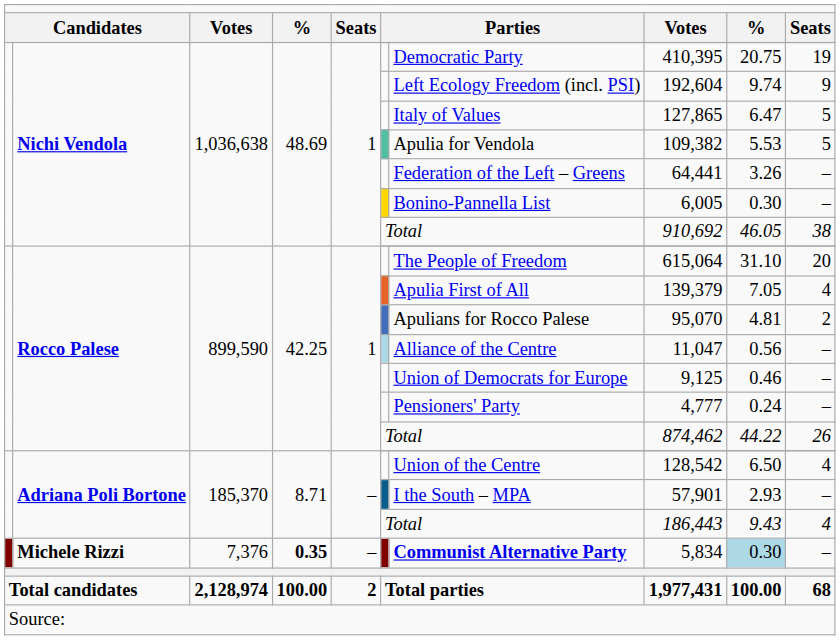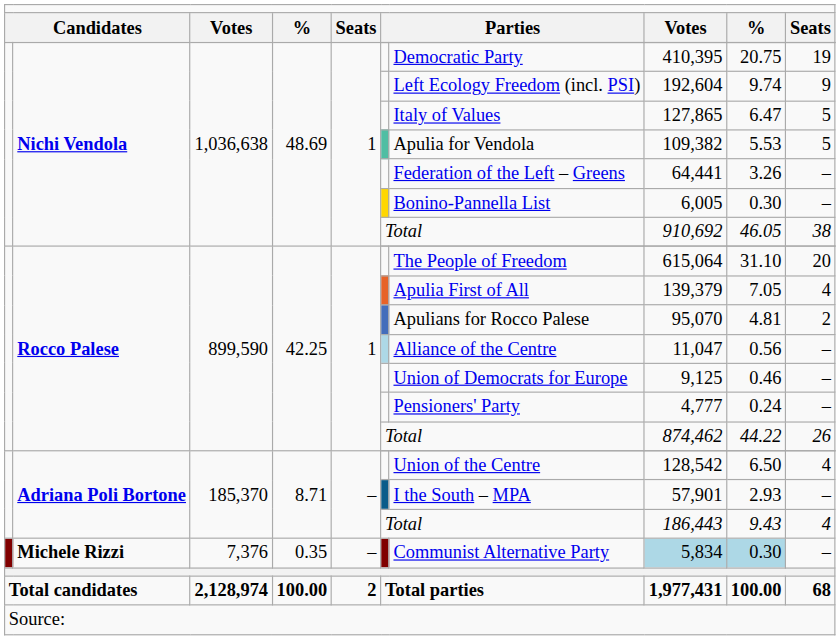 <table class="wikitable">
 <tr>
 <td colspan=10></td>
 </tr>
 <tr>
 <th colspan=2>Candidates</th>
 <th>Votes</th>
 <th>%</th>
 <th>Seats</th>
 <th colspan=2>Parties</th>
 <th>Votes</th>
 <th>%</th>
 <th>Seats</th>
 </tr>
 <tr>
 <td rowspan=8></td>
 <td rowspan=8><strong><a href='#'>Nichi Vendola</a></strong></td>
 <td rowspan=8 align=right>1,036,638</td>
 <td rowspan=8 align=right>48.69</td>
 <td rowspan=8 align=right>1</td>
 </tr>
 <tr>
 <td></td>
 <td><a href='#'>Democratic Party</a></td>
 <td align=right>410,395</td>
 <td align=right>20.75</td>
 <td align=right>19</td>
 </tr>
 <tr>
 <td></td>
 <td><a href='#'>Left Ecology Freedom</a> (incl. <a href='#'>PSI</a>)</td>
 <td align=right>192,604</td>
 <td align=right>9.74</td>
 <td align=right>9</td>
 </tr>
 <tr>
 <td></td>
 <td><a href='#'>Italy of Values</a></td>
 <td align=right>127,865</td>
 <td align=right>6.47</td>
 <td align=right>5</td>
 </tr>
 <tr>
 <td bgcolor="#50BEA3"></td>
 <td>Apulia for Vendola</td>
 <td align=right>109,382</td>
 <td align=right>5.53</td>
 <td align=right>5</td>
 </tr>
 <tr>
 <td></td>
 <td><a href='#'>Federation of the Left</a> – <a href='#'>Greens</a></td>
 <td align=right>64,441</td>
 <td align=right>3.26</td>
 <td align=right>–</td>
 </tr>
 <tr>
 <td bgcolor="gold"></td>
 <td><a href='#'>Bonino-Pannella List</a></td>
 <td align=right>6,005</td>
 <td align=right>0.30</td>
 <td align=right>–</td>
 </tr>
 <tr>
 <td colspan=2><em>Total</em></td>
 <td align=right><em>910,692</em></td>
 <td align=right><em>46.05</em></td>
 <td align=right><em>38</em></td>
 </tr>
 <tr>
 <td rowspan=8></td>
 <td rowspan=8><strong><a href='#'>Rocco Palese</a></strong></td>
 <td rowspan=8 align=right>899,590</td>
 <td rowspan=8 align=right>42.25</td>
 <td rowspan=8 align=right>1</td>
 </tr>
 <tr>
 <td></td>
 <td><a href='#'>The People of Freedom</a></td>
 <td align=right>615,064</td>
 <td align=right>31.10</td>
 <td align=right>20</td>
 </tr>
 <tr>
 <td bgcolor="#E76227"></td>
 <td><a href='#'>Apulia First of All</a></td>
 <td align=right>139,379</td>
 <td align=right>7.05</td>
 <td align=right>4</td>
 </tr>
 <tr>
 <td bgcolor="#436DBB"></td>
 <td>Apulians for Rocco Palese</td>
 <td align=right>95,070</td>
 <td align=right>4.81</td>
 <td align=right>2</td>
 </tr>
 <tr>
 <td bgcolor="lightblue"></td>
 <td><a href='#'>Alliance of the Centre</a></td>
 <td align=right>11,047</td>
 <td align=right>0.56</td>
 <td align=right>–</td>
 </tr>
 <tr>
 <td></td>
 <td><a href='#'>Union of Democrats for Europe</a></td>
 <td align=right>9,125</td>
 <td align=right>0.46</td>
 <td align=right>–</td>
 </tr>
 <tr>
 <td></td>
 <td><a href='#'>Pensioners' Party</a></td>
 <td align=right>4,777</td>
 <td align=right>0.24</td>
 <td align=right>–</td>
 </tr>
 <tr>
 <td colspan=2><em>Total</em></td>
 <td align=right><em>874,462</em></td>
 <td align=right><em>44.22</em></td>
 <td align=right><em>26</em></td>
 </tr>
 <tr>
 <td rowspan=4></td>
 <td rowspan=4><strong><a href='#'>Adriana Poli Bortone</a></strong></td>
 <td rowspan=4 align=right>185,370</td>
 <td rowspan=4 align=right>8.71</td>
 <td rowspan=4 align=right>–</td>
 </tr>
 <tr>
 <td></td>
 <td><a href='#'>Union of the Centre</a></td>
 <td align=right>128,542</td>
 <td align=right>6.50</td>
 <td align=right>4</td>
 </tr>
 <tr>
 <td bgcolor="#0A5C8A"></td>
 <td><a href='#'>I the South</a> – <a href='#'>MPA</a></td>
 <td align=right>57,901</td>
 <td align=right>2.93</td>
 <td align=right>–</td>
 </tr>
 <tr>
 <td colspan=2><em>Total</em></td>
 <td align=right><em>186,443	</em></td>
 <td align=right><em>9.43</em></td>
 <td align=right><em>4</em></td>
 </tr>
 <tr>
 <td bgcolor="maroon"></td>
 <td><strong>Michele Rizzi</strong></td>
 <td align=right>7,376</td>
-<td align=right><strong>0.35</strong></td>
+<td align=right>0.35</td>
 <td align=right>–</td>
 <td bgcolor="maroon"></td>
-<td><strong><a href='#'>Communist Alternative Party</a></strong></td>
-<td align=right>5,834</td>
+<td><a href='#'>Communist Alternative Party</a></td>
+<td align=right style="background: lightblue;">5,834</td>
 <td align=right style="background: lightblue;">0.30</td>
 <td align=right>–</td>
 </tr>
 <tr>
 <th colspan=10></th>
 </tr>
 <tr>
 <td colspan=2><strong>Total candidates</strong></td>
 <td align=right><strong>2,128,974</strong></td>
 <td align=right><strong>100.00</strong></td>
 <td align=right><strong>2</strong></td>
 <td colspan=2><strong>Total parties</strong></td>
 <td align=right><strong>1,977,431</strong></td>
 <td align=right><strong>100.00</strong></td>
 <td align=right><strong>68</strong></td>
 </tr>
 <tr>
 <td colspan=10>Source: </td>
 </tr>
 </table>
